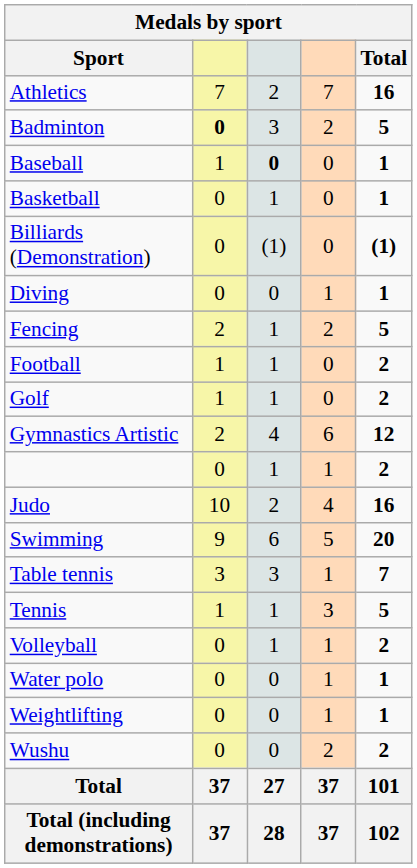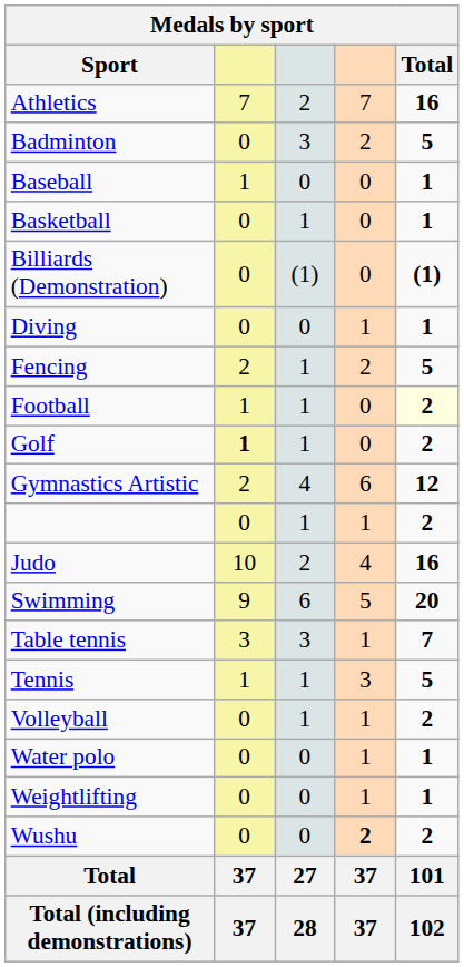 <table class="wikitable" style="font-size:90%; text-align:center;">
 <tr>
 <th colspan=5>Medals by sport</th>
 </tr>
 <tr>
 <th width=120>Sport</th>
 <th scope="col" width=30 style="background:#F7F6A8;"></th>
 <th scope="col" width=30 style="background:#DCE5E5;"></th>
 <th scope="col" width=30 style="background:#FFDAB9;"></th>
 <th width=30>Total</th>
 </tr>
 <tr>
 <td align=left><a href='#'>Athletics</a></td>
 <td style="background:#F7F6A8;">7</td>
 <td style="background:#DCE5E5;">2</td>
 <td style="background:#FFDAB9;">7</td>
 <td><strong>16</strong></td>
 </tr>
 <tr>
 <td align=left><a href='#'>Badminton</a></td>
-<td style="background:#F7F6A8;"><strong>0</strong></td>
+<td style="background:#F7F6A8;">0</td>
 <td style="background:#DCE5E5;">3</td>
 <td style="background:#FFDAB9;">2</td>
 <td><strong>5</strong></td>
 </tr>
 <tr>
 <td align=left><a href='#'>Baseball</a></td>
 <td style="background:#F7F6A8;">1</td>
-<td style="background:#DCE5E5;"><strong>0</strong></td>
+<td style="background:#DCE5E5;">0</td>
 <td style="background:#FFDAB9;">0</td>
 <td><strong>1</strong></td>
 </tr>
 <tr>
 <td align=left><a href='#'>Basketball</a></td>
 <td style="background:#F7F6A8;">0</td>
 <td style="background:#DCE5E5;">1</td>
 <td style="background:#FFDAB9;">0</td>
 <td><strong>1</strong></td>
 </tr>
 <tr>
 <td align=left><a href='#'>Billiards</a> (<a href='#'>Demonstration</a>)</td>
 <td style="background:#F7F6A8;">0</td>
 <td style="background:#DCE5E5;">(1)</td>
 <td style="background:#FFDAB9;">0</td>
 <td><strong>(1)</strong></td>
 </tr>
 <tr>
 <td align=left><a href='#'>Diving</a></td>
 <td style="background:#F7F6A8;">0</td>
 <td style="background:#DCE5E5;">0</td>
 <td style="background:#FFDAB9;">1</td>
 <td><strong>1</strong></td>
 </tr>
 <tr>
 <td align=left><a href='#'>Fencing</a></td>
 <td style="background:#F7F6A8;">2</td>
 <td style="background:#DCE5E5;">1</td>
 <td style="background:#FFDAB9;">2</td>
 <td><strong>5</strong></td>
 </tr>
 <tr>
 <td align=left><a href='#'>Football</a></td>
 <td style="background:#F7F6A8;">1</td>
 <td style="background:#DCE5E5;">1</td>
 <td style="background:#FFDAB9;">0</td>
-<td><strong>2</strong></td>
+<td style="background: lightyellow;"><strong>2</strong></td>
 </tr>
 <tr>
 <td align=left><a href='#'>Golf</a></td>
-<td style="background:#F7F6A8;">1</td>
+<td style="background:#F7F6A8;"><strong>1</strong></td>
 <td style="background:#DCE5E5;">1</td>
 <td style="background:#FFDAB9;">0</td>
 <td><strong>2</strong></td>
 </tr>
 <tr>
 <td align=left><a href='#'>Gymnastics Artistic</a></td>
 <td style="background:#F7F6A8;">2</td>
 <td style="background:#DCE5E5;">4</td>
 <td style="background:#FFDAB9;">6</td>
 <td><strong>12</strong></td>
 </tr>
 <tr>
 <td align=left></td>
 <td style="background:#F7F6A8;">0</td>
 <td style="background:#DCE5E5;">1</td>
 <td style="background:#FFDAB9;">1</td>
 <td><strong>2</strong></td>
 </tr>
 <tr>
 <td align=left><a href='#'>Judo</a></td>
 <td style="background:#F7F6A8;">10</td>
 <td style="background:#DCE5E5;">2</td>
 <td style="background:#FFDAB9;">4</td>
 <td><strong>16</strong></td>
 </tr>
 <tr>
 <td align=left><a href='#'>Swimming</a></td>
 <td style="background:#F7F6A8;">9</td>
 <td style="background:#DCE5E5;">6</td>
 <td style="background:#FFDAB9;">5</td>
 <td><strong>20</strong></td>
 </tr>
 <tr>
 <td align=left><a href='#'>Table tennis</a></td>
 <td style="background:#F7F6A8;">3</td>
 <td style="background:#DCE5E5;">3</td>
 <td style="background:#FFDAB9;">1</td>
 <td><strong>7</strong></td>
 </tr>
 <tr>
 <td align=left><a href='#'>Tennis</a></td>
 <td style="background:#F7F6A8;">1</td>
 <td style="background:#DCE5E5;">1</td>
 <td style="background:#FFDAB9;">3</td>
 <td><strong>5</strong></td>
 </tr>
 <tr>
 <td align=left><a href='#'>Volleyball</a></td>
 <td style="background:#F7F6A8;">0</td>
 <td style="background:#DCE5E5;">1</td>
 <td style="background:#FFDAB9;">1</td>
 <td><strong>2</strong></td>
 </tr>
 <tr>
 <td align=left><a href='#'>Water polo</a></td>
 <td style="background:#F7F6A8;">0</td>
 <td style="background:#DCE5E5;">0</td>
 <td style="background:#FFDAB9;">1</td>
 <td><strong>1</strong></td>
 </tr>
 <tr>
 <td align=left><a href='#'>Weightlifting</a></td>
 <td style="background:#F7F6A8;">0</td>
 <td style="background:#DCE5E5;">0</td>
 <td style="background:#FFDAB9;">1</td>
 <td><strong>1</strong></td>
 </tr>
 <tr>
 <td align=left><a href='#'>Wushu</a></td>
 <td style="background:#F7F6A8;">0</td>
 <td style="background:#DCE5E5;">0</td>
-<td style="background:#FFDAB9;">2</td>
+<td style="background:#FFDAB9;"><strong>2</strong></td>
 <td><strong>2</strong></td>
 </tr>
 <tr class="sortbottom">
 <th>Total</th>
 <th>37</th>
 <th>27</th>
 <th>37</th>
 <th>101</th>
 </tr>
 <tr class="sortbottom">
 <th>Total (including demonstrations)</th>
 <th>37</th>
 <th>28</th>
 <th>37</th>
 <th>102</th>
 </tr>
 </table>
